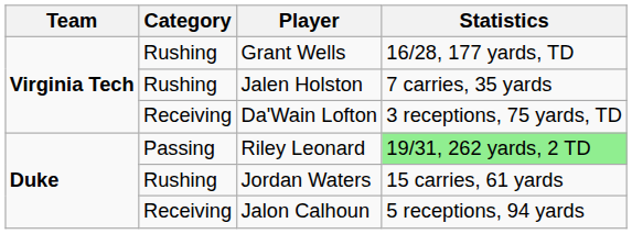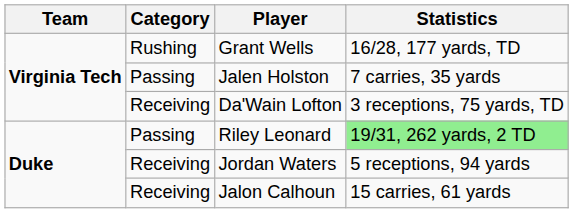 <table class="wikitable" style="float: right;">
 <tr>
 <th>Team</th>
 <th>Category</th>
 <th>Player</th>
 <th>Statistics</th>
 </tr>
 <tr>
 <td rowspan=3><strong>Virginia Tech</strong></td>
 <td>Rushing</td>
 <td>Grant Wells</td>
 <td>16/28, 177 yards, TD</td>
 </tr>
 <tr>
-<td>Rushing</td>
+<td>Passing</td>
 <td>Jalen Holston</td>
 <td>7 carries, 35 yards</td>
 </tr>
 <tr>
 <td>Receiving</td>
 <td>Da'Wain Lofton</td>
 <td>3 receptions, 75 yards, TD</td>
 </tr>
 <tr>
 <td rowspan=3><strong>Duke</strong></td>
 <td>Passing</td>
 <td>Riley Leonard</td>
 <td style="background: lightgreen;">19/31, 262 yards, 2 TD</td>
 </tr>
 <tr>
-<td>Rushing</td>
+<td>Receiving</td>
 <td>Jordan Waters</td>
-<td>15 carries, 61 yards</td>
+<td>5 receptions, 94 yards</td>
 </tr>
 <tr>
 <td>Receiving</td>
 <td>Jalon Calhoun</td>
-<td>5 receptions, 94 yards</td>
+<td>15 carries, 61 yards</td>
 </tr>
 </table>
